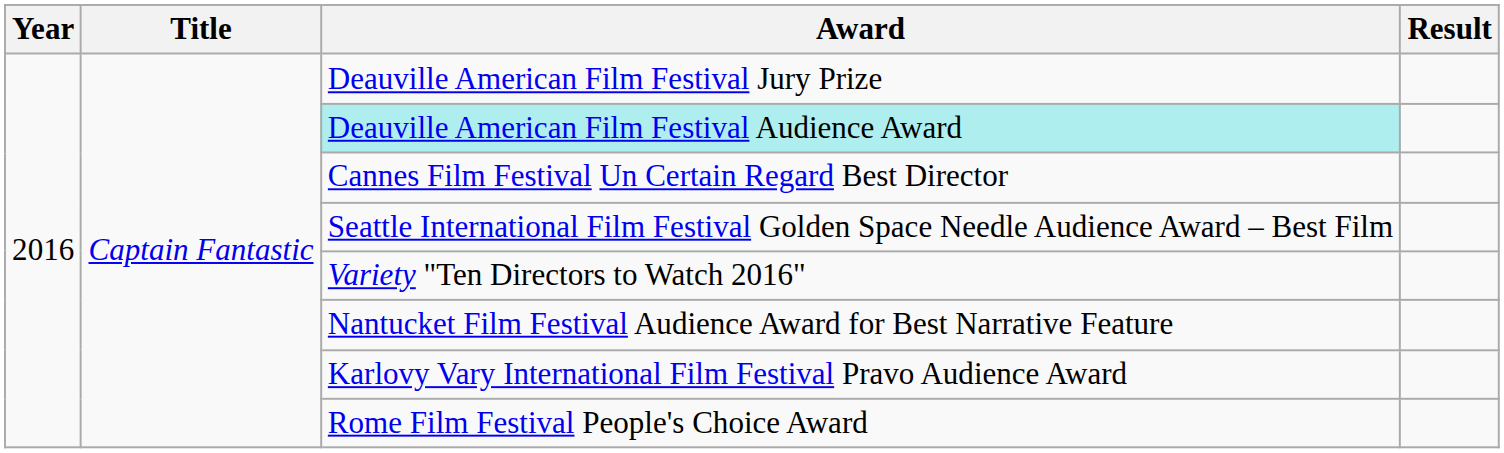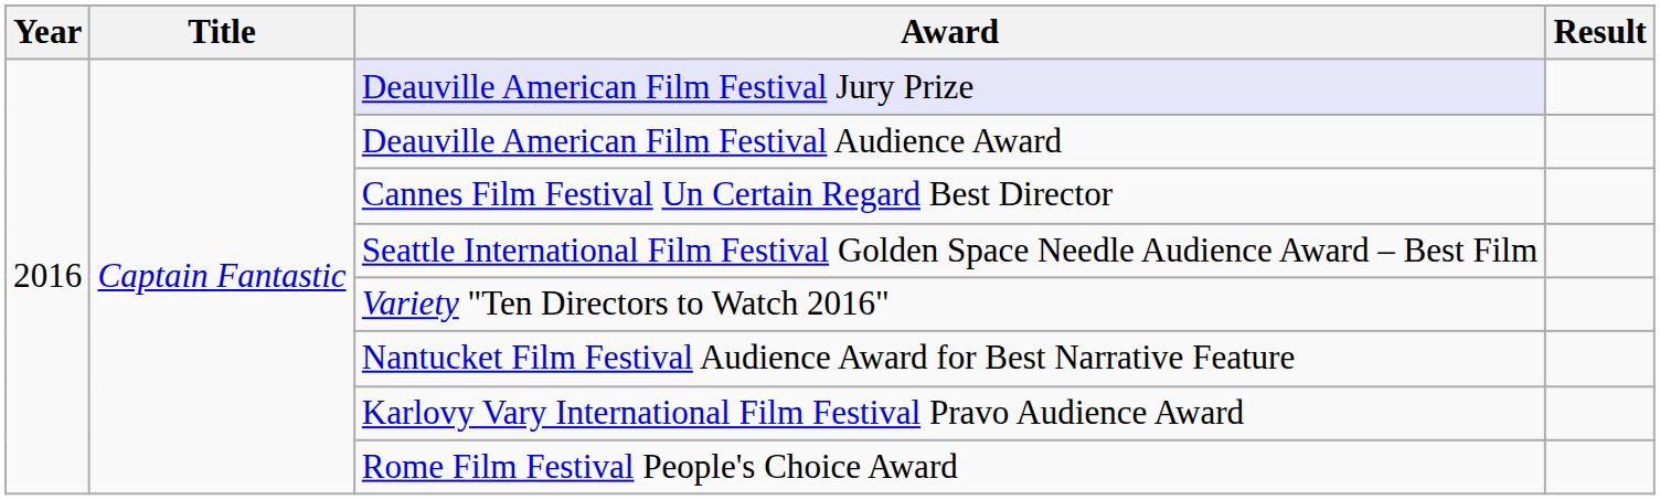 <table class="wikitable">
 <tr>
 <th>Year</th>
 <th>Title</th>
 <th>Award</th>
 <th>Result</th>
 </tr>
 <tr>
 <td rowspan="8">2016</td>
 <td rowspan="8"><em><a href='#'>Captain Fantastic</a></em></td>
-<td><a href='#'>Deauville American Film Festival</a> Jury Prize</td>
+<td style="background: lavender;"><a href='#'>Deauville American Film Festival</a> Jury Prize</td>
 <td></td>
 </tr>
 <tr>
-<td style="background: paleturquoise;"><a href='#'>Deauville American Film Festival</a> Audience Award</td>
+<td><a href='#'>Deauville American Film Festival</a> Audience Award</td>
 <td></td>
 </tr>
 <tr>
 <td><a href='#'>Cannes Film Festival</a> <a href='#'>Un Certain Regard</a> Best Director</td>
 <td></td>
 </tr>
 <tr>
 <td><a href='#'>Seattle International Film Festival</a> Golden Space Needle Audience Award – Best Film</td>
 <td></td>
 </tr>
 <tr>
 <td><em><a href='#'>Variety</a></em> "Ten Directors to Watch 2016"</td>
 <td></td>
 </tr>
 <tr>
 <td><a href='#'>Nantucket Film Festival</a> Audience Award for Best Narrative Feature</td>
 <td></td>
 </tr>
 <tr>
 <td><a href='#'>Karlovy Vary International Film Festival</a> Pravo Audience Award</td>
 <td></td>
 </tr>
 <tr>
 <td><a href='#'>Rome Film Festival</a> People's Choice Award</td>
 <td></td>
 </tr>
 </table>
